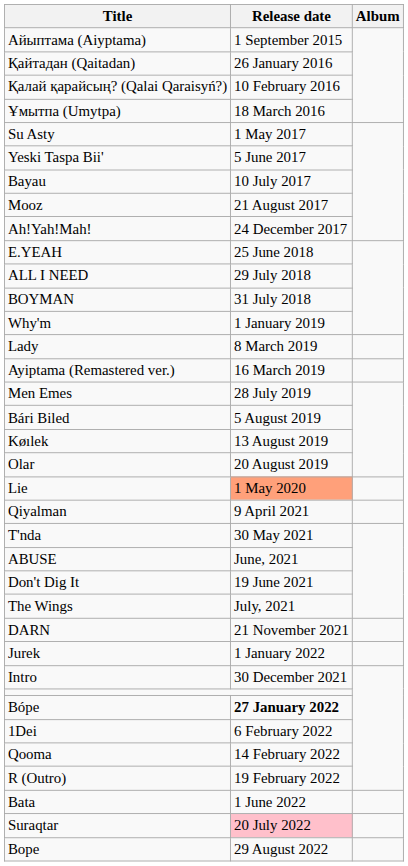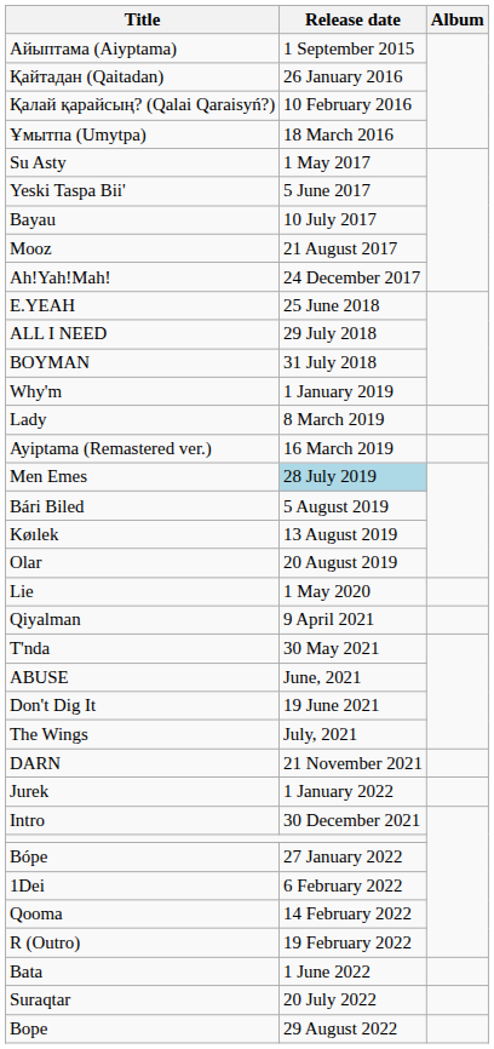 <table class="wikitable">
 <tr>
 <th scope="col">Title</th>
 <th scope="col">Release date</th>
 <th scope="col">Album</th>
 </tr>
 <tr>
 <td>Айыптама (Aiyptama)</td>
 <td>1 September 2015</td>
 <td rowspan="4"></td>
 </tr>
 <tr>
 <td>Қайтадан (Qaitadan)</td>
 <td>26 January 2016</td>
 </tr>
 <tr>
 <td>Қалай қарайсың? (Qalai Qaraisyń?)</td>
 <td>10 February 2016</td>
 </tr>
 <tr>
 <td>Ұмытпа (Umytpa)</td>
 <td>18 March 2016</td>
 </tr>
 <tr>
 <td>Su Asty</td>
 <td>1 May 2017</td>
 <td rowspan="5"></td>
 </tr>
 <tr>
 <td>Yeski Taspa Bii'</td>
 <td>5 June 2017</td>
 </tr>
 <tr>
 <td>Bayau</td>
 <td>10 July 2017</td>
 </tr>
 <tr>
 <td>Mooz</td>
 <td>21 August 2017</td>
 </tr>
 <tr>
 <td>Ah!Yah!Mah!</td>
 <td>24 December 2017</td>
 </tr>
 <tr>
 <td>E.YEAH</td>
 <td>25 June 2018</td>
 <td rowspan="4"></td>
 </tr>
 <tr>
 <td>ALL I NEED</td>
 <td>29 July 2018</td>
 </tr>
 <tr>
 <td>BOYMAN</td>
 <td>31 July 2018</td>
 </tr>
 <tr>
 <td>Why'm</td>
 <td>1 January 2019</td>
 </tr>
 <tr>
 <td>Lady</td>
 <td>8 March 2019</td>
 <td></td>
 </tr>
 <tr>
 <td>Ayiptama (Remastered ver.)</td>
 <td>16 March 2019</td>
 <td></td>
 </tr>
 <tr>
 <td>Men Emes</td>
-<td>28 July 2019</td>
+<td style="background: lightblue;">28 July 2019</td>
 <td rowspan="4"></td>
 </tr>
 <tr>
 <td>Bári Biled</td>
 <td>5 August 2019</td>
 </tr>
 <tr>
 <td>Køılek</td>
 <td>13 August 2019</td>
 </tr>
 <tr>
 <td>Olar</td>
 <td>20 August 2019</td>
 </tr>
 <tr>
 <td>Lie</td>
-<td style="background: lightsalmon;">1 May 2020</td>
+<td>1 May 2020</td>
 <td></td>
 </tr>
 <tr>
 <td>Qiyalman</td>
 <td>9 April 2021</td>
 <td></td>
 </tr>
 <tr>
 <td>T'nda</td>
 <td>30 May 2021</td>
 <td rowspan="4"></td>
 </tr>
 <tr>
 <td>ABUSE</td>
 <td>June, 2021</td>
 </tr>
 <tr>
 <td>Don't Dig It</td>
 <td>19 June 2021</td>
 </tr>
 <tr>
 <td>The Wings</td>
 <td>July, 2021</td>
 </tr>
 <tr>
 <td>DARN</td>
 <td>21 November 2021</td>
 <td></td>
 </tr>
 <tr>
 <td>Jurek</td>
 <td>1 January 2022</td>
 <td></td>
 </tr>
 <tr>
 <td>Intro</td>
 <td>30 December 2021</td>
 <td rowspan="6"></td>
 </tr>
 <tr>
 <td colspan="2"></td>
 </tr>
 <tr>
 <td>Bópe</td>
-<td><strong>27 January 2022</strong></td>
+<td>27 January 2022</td>
 </tr>
 <tr>
 <td>1Dei</td>
 <td>6 February 2022</td>
 </tr>
 <tr>
 <td>Qooma</td>
 <td>14 February 2022</td>
 </tr>
 <tr>
 <td>R (Outro)</td>
 <td>19 February 2022</td>
 </tr>
 <tr>
 <td>Bata</td>
 <td>1 June 2022</td>
 <td></td>
 </tr>
 <tr>
 <td>Suraqtar</td>
-<td style="background: pink;">20 July 2022</td>
+<td>20 July 2022</td>
 <td></td>
 </tr>
 <tr>
 <td>Bope</td>
 <td>29 August 2022</td>
 <td></td>
 </tr>
 </table>
